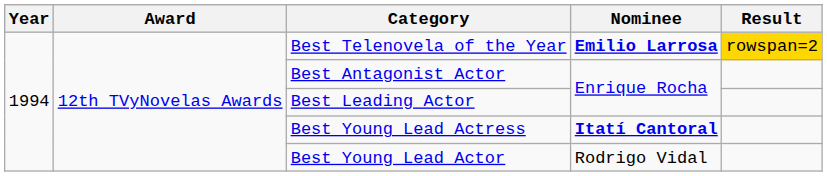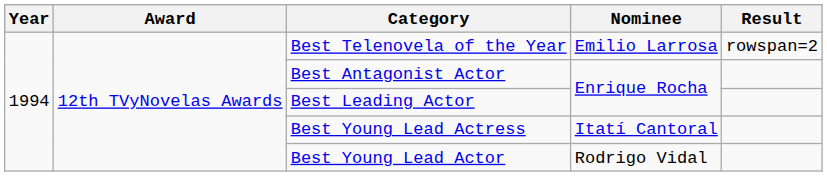 <table class="wikitable">
 <tr style="background:#b0c4de;">
 <th>Year</th>
 <th>Award</th>
 <th>Category</th>
 <th>Nominee</th>
 <th>Result</th>
 </tr>
 <tr>
 <td rowspan=5>1994</td>
 <td rowspan=5><a href='#'>12th TVyNovelas Awards</a></td>
 <td><a href='#'>Best Telenovela of the Year</a></td>
-<td><strong><a href='#'>Emilio Larrosa</a></strong></td>
-<td style="background: gold;">rowspan=2 </td>
+<td><a href='#'>Emilio Larrosa</a></td>
+<td>rowspan=2 </td>
 </tr>
 <tr>
 <td><a href='#'>Best Antagonist Actor</a></td>
 <td rowspan=2><a href='#'>Enrique Rocha</a></td>
 </tr>
 <tr>
 <td><a href='#'>Best Leading Actor</a></td>
 <td></td>
 </tr>
 <tr>
 <td><a href='#'>Best Young Lead Actress</a></td>
-<td><strong><a href='#'>Itatí Cantoral</a></strong></td>
+<td><a href='#'>Itatí Cantoral</a></td>
 <td></td>
 </tr>
 <tr>
 <td><a href='#'>Best Young Lead Actor</a></td>
 <td>Rodrigo Vidal</td>
 <td></td>
 </tr>
 </table>
